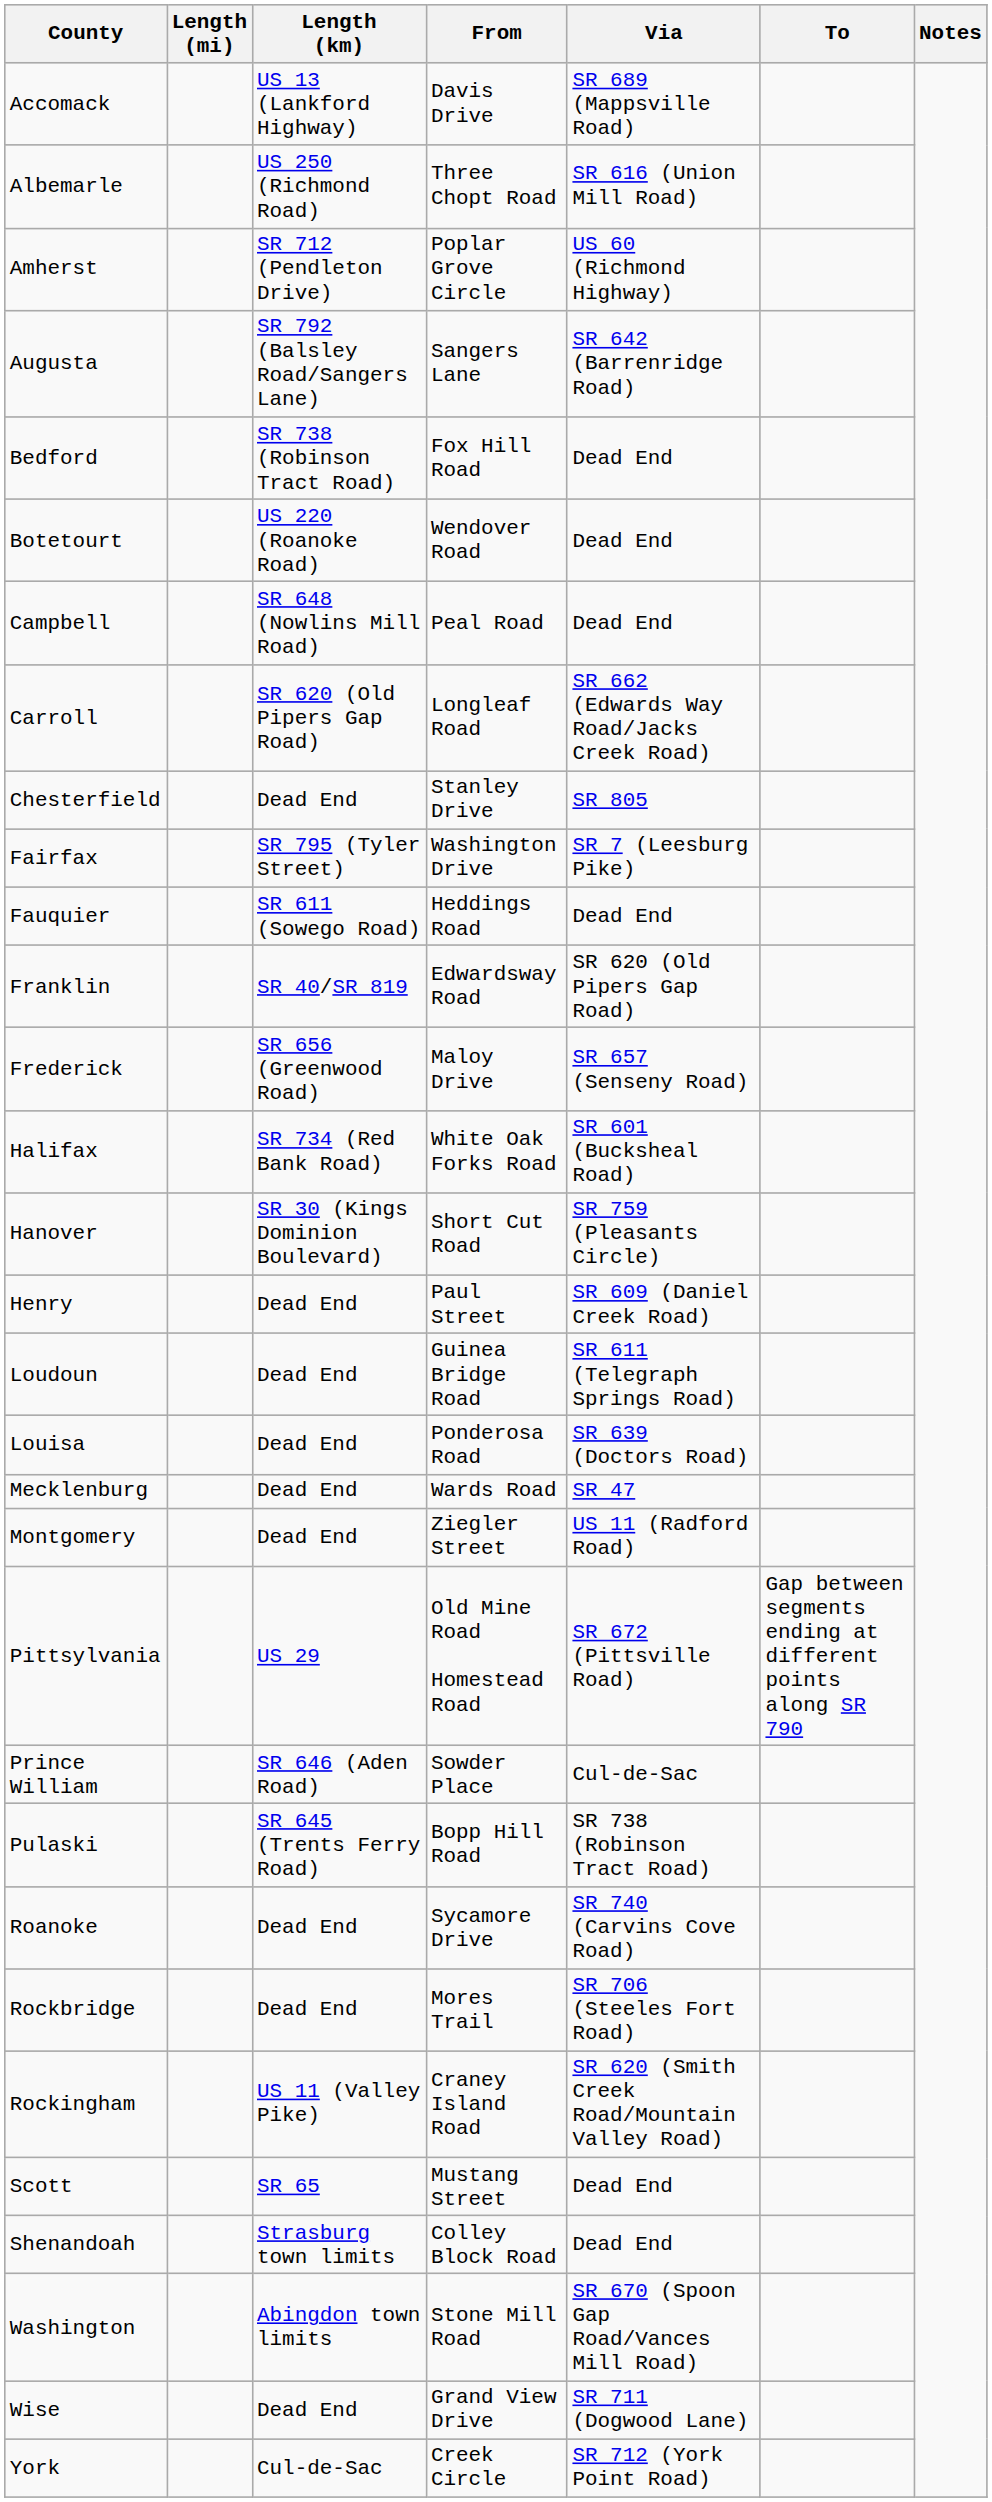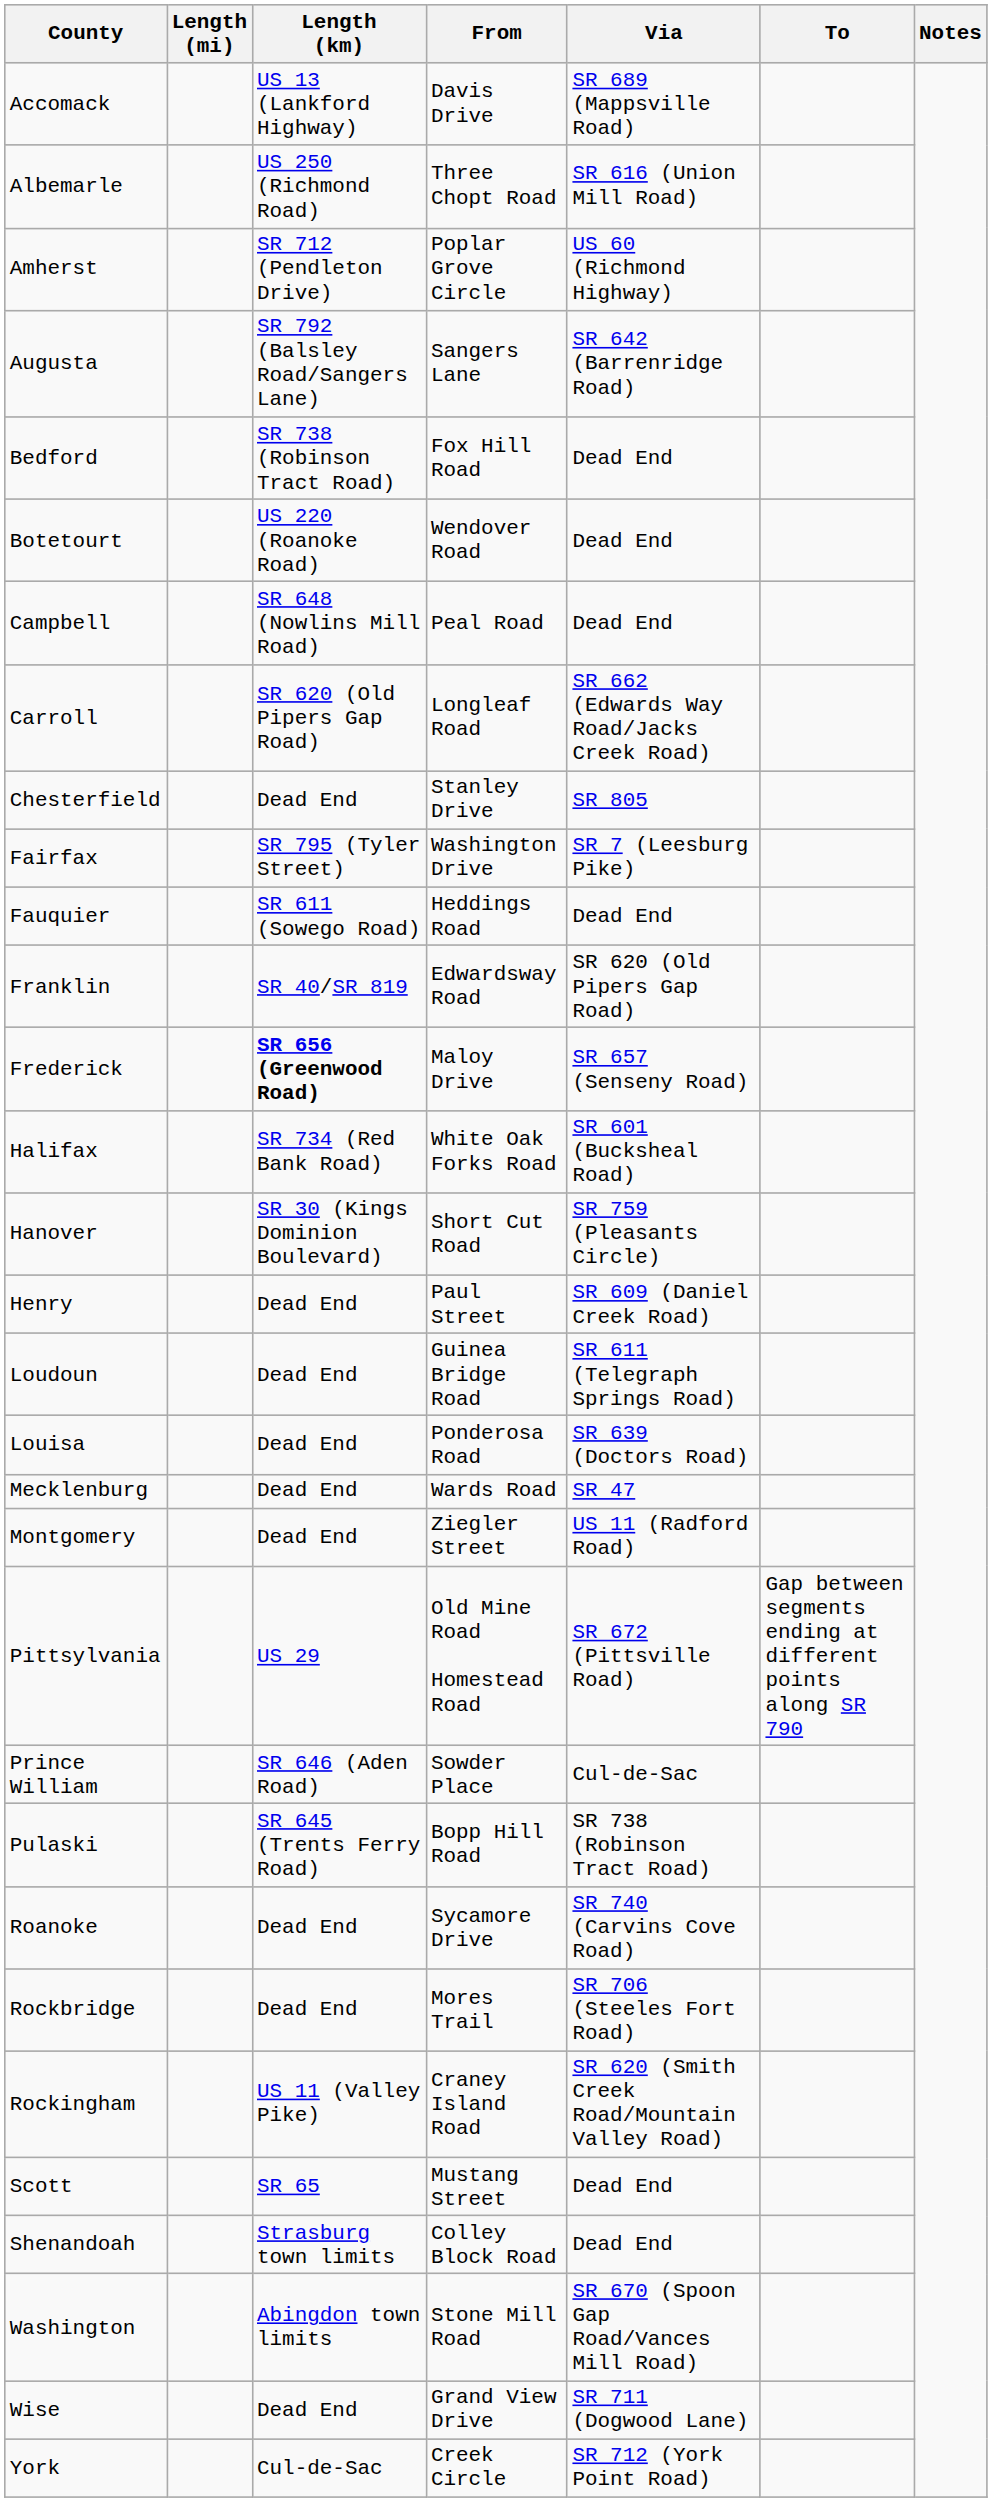 <table class="wikitable sortable">
 <tr>
 <th>County</th>
 <th>Length<br>(mi)</th>
 <th>Length<br>(km)</th>
 <th class="unsortable">From</th>
 <th class="unsortable">Via</th>
 <th class="unsortable">To</th>
 <th class="unsortable">Notes</th>
 </tr>
 <tr>
 <td id="Accomack">Accomack</td>
 <td></td>
 <td><a href='#'>US 13</a> (Lankford Highway)</td>
 <td>Davis Drive</td>
 <td><a href='#'>SR 689</a> (Mappsville Road)</td>
 <td></td>
 </tr>
 <tr>
 <td id="Albemarle">Albemarle</td>
 <td></td>
 <td><a href='#'>US 250</a> (Richmond Road)</td>
 <td>Three Chopt Road</td>
 <td><a href='#'>SR 616</a> (Union Mill Road)</td>
 <td><br> </td>
 </tr>
 <tr>
 <td id="Amherst">Amherst</td>
 <td></td>
 <td><a href='#'>SR 712</a> (Pendleton Drive)</td>
 <td>Poplar Grove Circle</td>
 <td><a href='#'>US 60</a> (Richmond Highway)</td>
 <td><br> </td>
 </tr>
 <tr>
 <td id="Augusta">Augusta</td>
 <td></td>
 <td><a href='#'>SR 792</a> (Balsley Road/Sangers Lane)</td>
 <td>Sangers Lane</td>
 <td><a href='#'>SR 642</a> (Barrenridge Road)</td>
 <td><br></td>
 </tr>
 <tr>
 <td id="Bedford">Bedford</td>
 <td></td>
 <td><a href='#'>SR 738</a> (Robinson Tract Road)</td>
 <td>Fox Hill Road</td>
 <td>Dead End</td>
 <td><br></td>
 </tr>
 <tr>
 <td id="Botetourt">Botetourt</td>
 <td></td>
 <td><a href='#'>US 220</a> (Roanoke Road)</td>
 <td>Wendover Road</td>
 <td>Dead End</td>
 <td><br>  </td>
 </tr>
 <tr>
 <td id="Campbell">Campbell</td>
 <td></td>
 <td><a href='#'>SR 648</a> (Nowlins Mill Road)</td>
 <td>Peal Road</td>
 <td>Dead End</td>
 <td><br></td>
 </tr>
 <tr>
 <td id="Carroll">Carroll</td>
 <td></td>
 <td><a href='#'>SR 620</a> (Old Pipers Gap Road)</td>
 <td>Longleaf Road</td>
 <td><a href='#'>SR 662</a> (Edwards Way Road/Jacks Creek Road)</td>
 <td><br> </td>
 </tr>
 <tr>
 <td id="Chesterfield">Chesterfield</td>
 <td></td>
 <td>Dead End</td>
 <td>Stanley Drive</td>
 <td><a href='#'>SR 805</a></td>
 <td><br>      </td>
 </tr>
 <tr>
 <td id="Fairfax">Fairfax</td>
 <td></td>
 <td><a href='#'>SR 795</a> (Tyler Street)</td>
 <td>Washington Drive</td>
 <td><a href='#'>SR 7</a> (Leesburg Pike)</td>
 <td></td>
 </tr>
 <tr>
 <td id="Fauquier">Fauquier</td>
 <td></td>
 <td><a href='#'>SR 611</a> (Sowego Road)</td>
 <td>Heddings Road</td>
 <td>Dead End</td>
 <td><br> </td>
 </tr>
 <tr>
 <td id="Franklin">Franklin</td>
 <td></td>
 <td><a href='#'>SR 40</a>/<a href='#'>SR 819</a></td>
 <td>Edwardsway Road</td>
 <td>SR 620 (Old Pipers Gap Road)</td>
 <td></td>
 </tr>
 <tr>
 <td id="Frederick">Frederick</td>
 <td></td>
-<td><a href='#'>SR 656</a> (Greenwood Road)</td>
+<td><strong><a href='#'>SR 656</a> (Greenwood Road)</strong></td>
 <td>Maloy Drive</td>
 <td><a href='#'>SR 657</a> (Senseny Road)</td>
 <td><br>     </td>
 </tr>
 <tr>
 <td id="Halifax">Halifax</td>
 <td></td>
 <td><a href='#'>SR 734</a> (Red Bank Road)</td>
 <td>White Oak Forks Road</td>
 <td><a href='#'>SR 601</a> (Bucksheal Road)</td>
 <td></td>
 </tr>
 <tr>
 <td id="Hanover">Hanover</td>
 <td></td>
 <td><a href='#'>SR 30</a> (Kings Dominion Boulevard)</td>
 <td>Short Cut Road</td>
 <td><a href='#'>SR 759</a> (Pleasants Circle)</td>
 <td><br></td>
 </tr>
 <tr>
 <td id="Henry">Henry</td>
 <td></td>
 <td>Dead End</td>
 <td>Paul Street</td>
 <td><a href='#'>SR 609</a> (Daniel Creek Road)</td>
 <td><br>       </td>
 </tr>
 <tr>
 <td id="Loudoun">Loudoun</td>
 <td></td>
 <td>Dead End</td>
 <td>Guinea Bridge Road</td>
 <td><a href='#'>SR 611</a> (Telegraph Springs Road)</td>
 <td></td>
 </tr>
 <tr>
 <td id="Louisa">Louisa</td>
 <td></td>
 <td>Dead End</td>
 <td>Ponderosa Road</td>
 <td><a href='#'>SR 639</a> (Doctors Road)</td>
 <td><br>  </td>
 </tr>
 <tr>
 <td id="Mecklenburg">Mecklenburg</td>
 <td></td>
 <td>Dead End</td>
 <td>Wards Road</td>
 <td><a href='#'>SR 47</a></td>
 <td><br></td>
 </tr>
 <tr>
 <td id="Montgomery">Montgomery</td>
 <td></td>
 <td>Dead End</td>
 <td>Ziegler Street</td>
 <td><a href='#'>US 11</a> (Radford Road)</td>
 <td><br>       </td>
 </tr>
 <tr>
 <td id="Pittsylvania">Pittsylvania</td>
 <td></td>
 <td><a href='#'>US 29</a></td>
 <td>Old Mine Road<br><br>Homestead Road</td>
 <td><a href='#'>SR 672</a> (Pittsville Road)</td>
 <td>Gap between segments ending at different points along <a href='#'>SR 790</a><br>  </td>
 </tr>
 <tr>
 <td id="Prince William">Prince William</td>
 <td></td>
 <td><a href='#'>SR 646</a> (Aden Road)</td>
 <td>Sowder Place</td>
 <td>Cul-de-Sac</td>
 <td></td>
 </tr>
 <tr>
 <td id="Pulaski">Pulaski</td>
 <td></td>
 <td><a href='#'>SR 645</a> (Trents Ferry Road)</td>
 <td>Bopp Hill Road</td>
 <td>SR 738 (Robinson Tract Road)</td>
 <td><br> </td>
 </tr>
 <tr>
 <td id="Roanoke">Roanoke</td>
 <td></td>
 <td>Dead End</td>
 <td>Sycamore Drive</td>
 <td><a href='#'>SR 740</a> (Carvins Cove Road)</td>
 <td></td>
 </tr>
 <tr>
 <td id="Rockbridge">Rockbridge</td>
 <td></td>
 <td>Dead End</td>
 <td>Mores Trail</td>
 <td><a href='#'>SR 706</a> (Steeles Fort Road)</td>
 <td></td>
 </tr>
 <tr>
 <td id="Rockingham">Rockingham</td>
 <td></td>
 <td><a href='#'>US 11</a> (Valley Pike)</td>
 <td>Craney Island Road</td>
 <td><a href='#'>SR 620</a> (Smith Creek Road/Mountain Valley Road)</td>
 <td><br></td>
 </tr>
 <tr>
 <td id="Scott">Scott</td>
 <td></td>
 <td><a href='#'>SR 65</a></td>
 <td>Mustang Street</td>
 <td>Dead End</td>
 <td></td>
 </tr>
 <tr>
 <td id="Shenandoah">Shenandoah</td>
 <td></td>
 <td><a href='#'>Strasburg</a> town limits</td>
 <td>Colley Block Road</td>
 <td>Dead End</td>
 <td><br>       </td>
 </tr>
 <tr>
 <td id="Washington">Washington</td>
 <td></td>
 <td><a href='#'>Abingdon</a> town limits</td>
 <td>Stone Mill Road</td>
 <td><a href='#'>SR 670</a> (Spoon Gap Road/Vances Mill Road)</td>
 <td><br></td>
 </tr>
 <tr>
 <td id="Wise">Wise</td>
 <td></td>
 <td>Dead End</td>
 <td>Grand View Drive</td>
 <td><a href='#'>SR 711</a> (Dogwood Lane)</td>
 <td><br></td>
 </tr>
 <tr>
 <td id="York">York</td>
 <td></td>
 <td>Cul-de-Sac</td>
 <td>Creek Circle</td>
 <td><a href='#'>SR 712</a> (York Point Road)</td>
 <td></td>
 </tr>
 </table>
